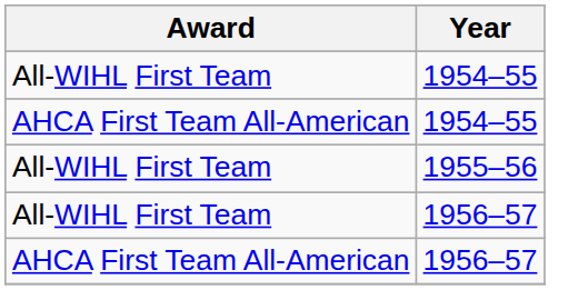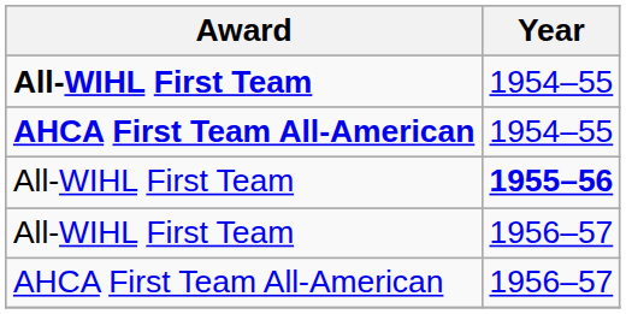 <table class="wikitable">
 <tr>
 <th>Award</th>
 <th>Year</th>
 </tr>
 <tr>
-<td>All-<a href='#'>WIHL</a> <a href='#'>First Team</a></td>
+<td><strong>All-<a href='#'>WIHL</a> <a href='#'>First Team</a></strong></td>
 <td><a href='#'>1954–55</a></td>
 </tr>
 <tr>
-<td><a href='#'>AHCA</a> <a href='#'>First Team All-American</a></td>
+<td><strong><a href='#'>AHCA</a> <a href='#'>First Team All-American</a></strong></td>
 <td><a href='#'>1954–55</a></td>
 </tr>
 <tr>
 <td>All-<a href='#'>WIHL</a> <a href='#'>First Team</a></td>
-<td><a href='#'>1955–56</a></td>
+<td><strong><a href='#'>1955–56</a></strong></td>
 </tr>
 <tr>
 <td>All-<a href='#'>WIHL</a> <a href='#'>First Team</a></td>
 <td><a href='#'>1956–57</a></td>
 </tr>
 <tr>
 <td><a href='#'>AHCA</a> <a href='#'>First Team All-American</a></td>
 <td><a href='#'>1956–57</a></td>
 </tr>
 <tr>
 </tr>
 </table>
